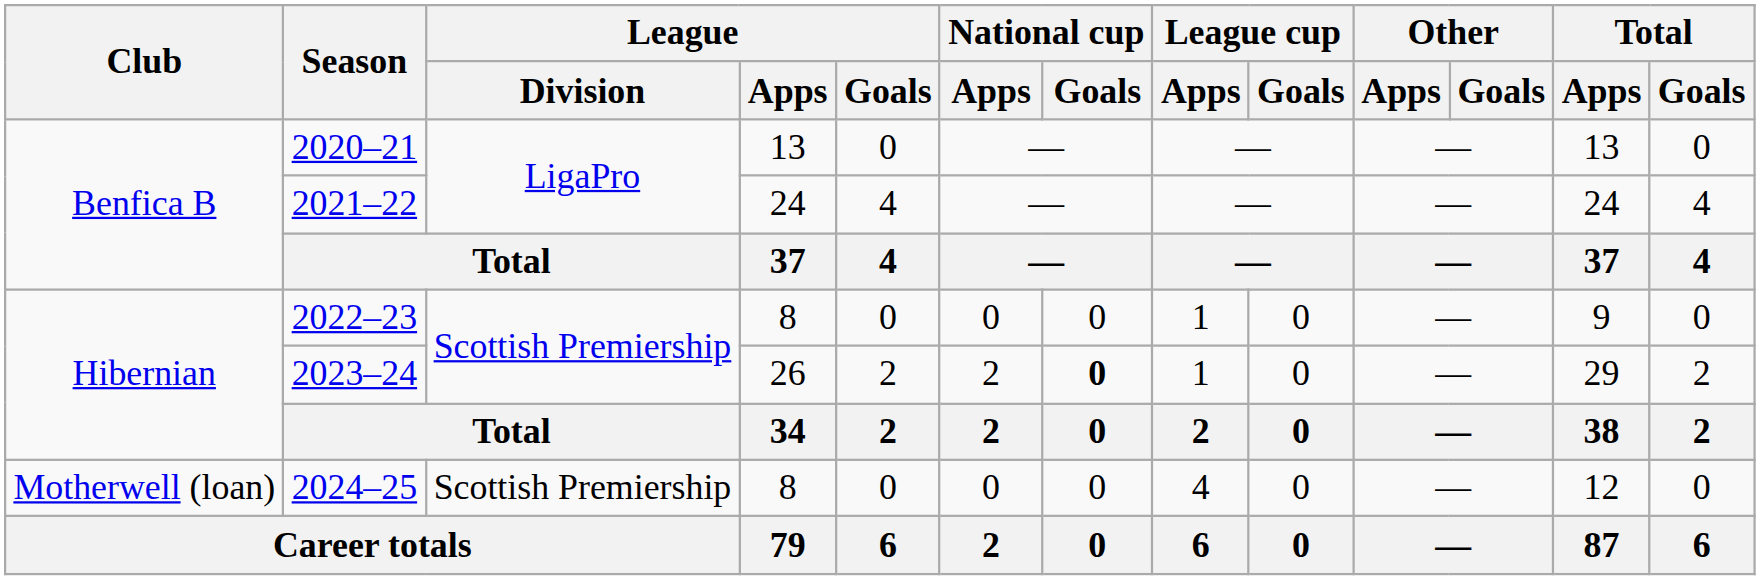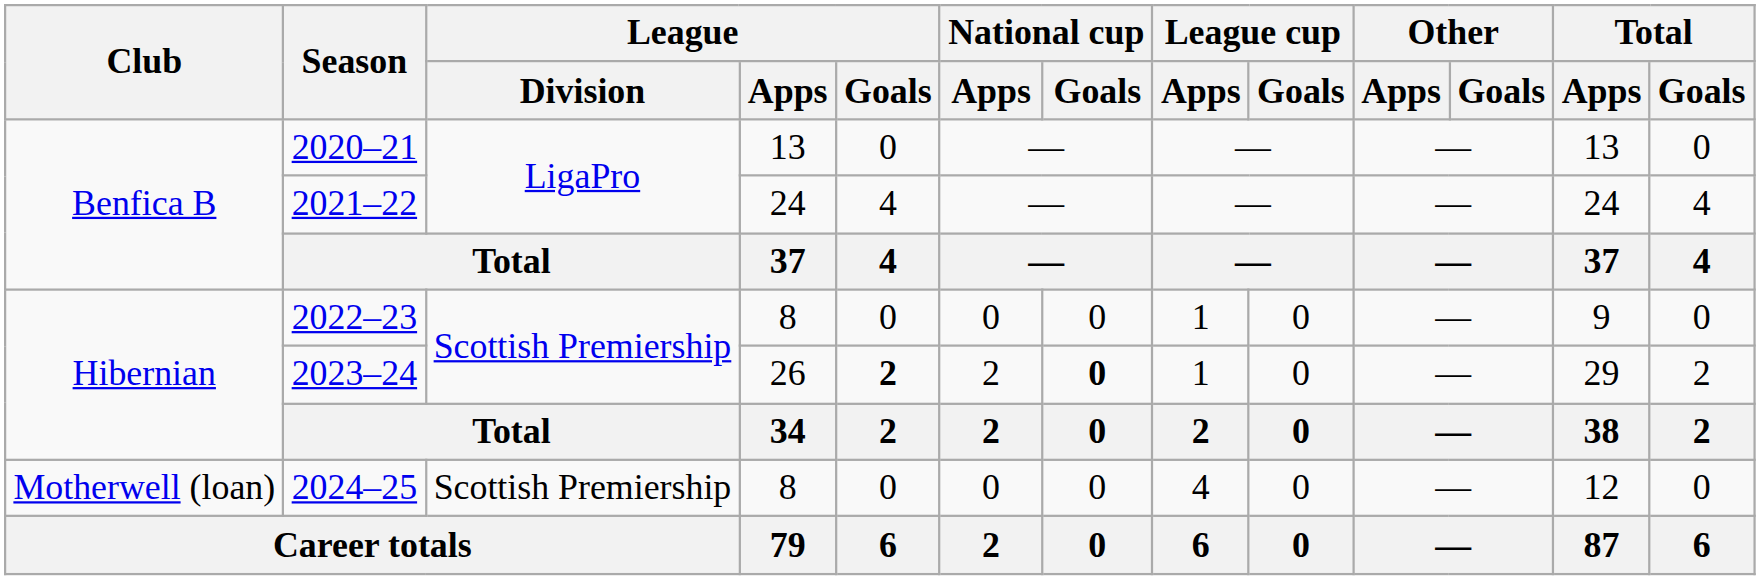 <table class="wikitable" style="text-align: center">
 <tr>
 <th rowspan="2">Club</th>
 <th rowspan="2">Season</th>
 <th colspan="3">League</th>
 <th colspan="2">National cup</th>
 <th colspan="2">League cup</th>
 <th colspan="2">Other</th>
 <th colspan="2">Total</th>
 </tr>
 <tr>
 <th>Division</th>
 <th>Apps</th>
 <th>Goals</th>
 <th>Apps</th>
 <th>Goals</th>
 <th>Apps</th>
 <th>Goals</th>
 <th>Apps</th>
 <th>Goals</th>
 <th>Apps</th>
 <th>Goals</th>
 </tr>
 <tr>
 <td rowspan="3"><a href='#'>Benfica B</a></td>
 <td><a href='#'>2020–21</a></td>
 <td rowspan="2"><a href='#'>LigaPro</a></td>
 <td>13</td>
 <td>0</td>
 <td colspan="2">—</td>
 <td colspan="2">—</td>
 <td colspan="2">—</td>
 <td>13</td>
 <td>0</td>
 </tr>
 <tr>
 <td><a href='#'>2021–22</a></td>
 <td>24</td>
 <td>4</td>
 <td colspan="2">—</td>
 <td colspan="2">—</td>
 <td colspan="2">—</td>
 <td>24</td>
 <td>4</td>
 </tr>
 <tr>
 <th colspan="2">Total</th>
 <th>37</th>
 <th>4</th>
 <th colspan="2">—</th>
 <th colspan="2">—</th>
 <th colspan="2">—</th>
 <th>37</th>
 <th>4</th>
 </tr>
 <tr>
 <td rowspan="3"><a href='#'>Hibernian</a></td>
 <td><a href='#'>2022–23</a></td>
 <td rowspan="2"><a href='#'>Scottish Premiership</a></td>
 <td>8</td>
 <td>0</td>
 <td>0</td>
 <td>0</td>
 <td>1</td>
 <td>0</td>
 <td colspan="2">—</td>
 <td>9</td>
 <td>0</td>
 </tr>
 <tr>
 <td><a href='#'>2023–24</a></td>
 <td>26</td>
-<td>2</td>
+<td><strong>2</strong></td>
 <td>2</td>
 <td><strong>0</strong></td>
 <td>1</td>
 <td>0</td>
 <td colspan="2">—</td>
 <td>29</td>
 <td>2</td>
 </tr>
 <tr>
 <th colspan="2">Total</th>
 <th>34</th>
 <th>2</th>
 <th>2</th>
 <th>0</th>
 <th>2</th>
 <th>0</th>
 <th colspan="2">—</th>
 <th>38</th>
 <th>2</th>
 </tr>
 <tr>
 <td><a href='#'>Motherwell</a> (loan)</td>
 <td><a href='#'>2024–25</a></td>
 <td>Scottish Premiership</td>
 <td>8</td>
 <td>0</td>
 <td>0</td>
 <td>0</td>
 <td>4</td>
 <td>0</td>
 <td colspan="2">—</td>
 <td>12</td>
 <td>0</td>
 </tr>
 <tr>
 <th colspan="3">Career totals</th>
 <th>79</th>
 <th>6</th>
 <th>2</th>
 <th>0</th>
 <th>6</th>
 <th>0</th>
 <th colspan="2">—</th>
 <th>87</th>
 <th>6</th>
 </tr>
 </table>
